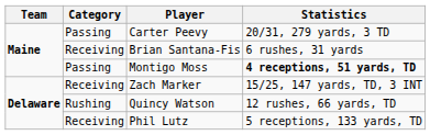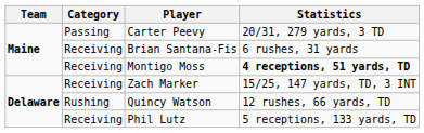 <table class="wikitable" style="float: right;">
 <tr>
 <th>Team</th>
 <th>Category</th>
 <th>Player</th>
 <th>Statistics</th>
 </tr>
 <tr>
 <td rowspan=3><strong>Maine</strong></td>
 <td>Passing</td>
 <td>Carter Peevy</td>
 <td>20/31, 279 yards, 3 TD</td>
 </tr>
 <tr>
 <td>Receiving</td>
 <td>Brian Santana-Fis</td>
 <td>6 rushes, 31 yards</td>
 </tr>
 <tr>
-<td>Passing</td>
+<td>Receiving</td>
 <td>Montigo Moss</td>
 <td><strong>4 receptions, 51 yards, TD</strong></td>
 </tr>
 <tr>
 <td rowspan=3><strong>Delaware</strong></td>
 <td>Receiving</td>
 <td>Zach Marker</td>
 <td>15/25, 147 yards, TD, 3 INT</td>
 </tr>
 <tr>
 <td>Rushing</td>
 <td>Quincy Watson</td>
 <td>12 rushes, 66 yards, TD</td>
 </tr>
 <tr>
 <td>Receiving</td>
 <td>Phil Lutz</td>
 <td>5 receptions, 133 yards, TD</td>
 </tr>
 </table>
